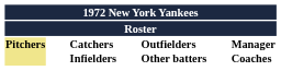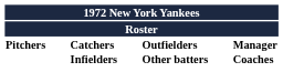 <table class="toccolours" style="font-size: 95%;">
 <tr>
 <th colspan="10" style="background-color: #1c2841; color: white; text-align: center;">1972 New York Yankees</th>
 </tr>
 <tr>
 <td colspan="10" style="background-color: #1c2841; color: white; text-align: center;"><strong>Roster</strong></td>
 </tr>
 <tr>
-<td valign="top" style="background: khaki;"><strong>Pitchers</strong><br>                 </td>
+<td valign="top"><strong>Pitchers</strong><br>                 </td>
 <td width="25px"></td>
 <td valign="top"><strong>Catchers</strong><br>  <strong>Infielders</strong>         </td>
 <td width="25px"></td>
 <td valign="top"><strong>Outfielders</strong><br>      <strong>Other batters</strong> </td>
 <td width="25px"></td>
 <td valign="top"><strong>Manager</strong><br> <strong>Coaches</strong>    </td>
 </tr>
 </table>
